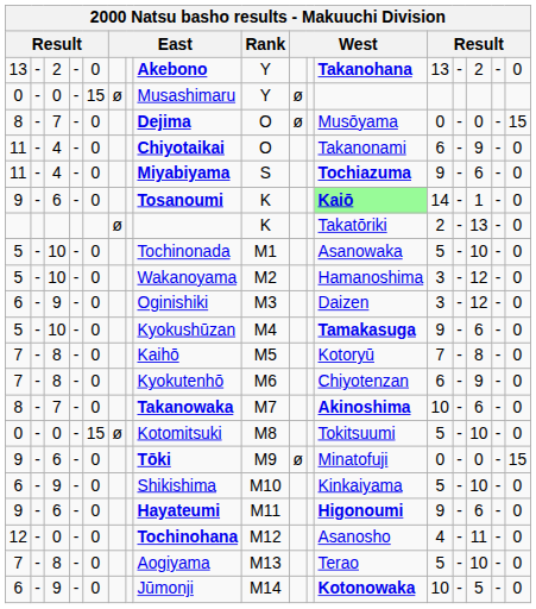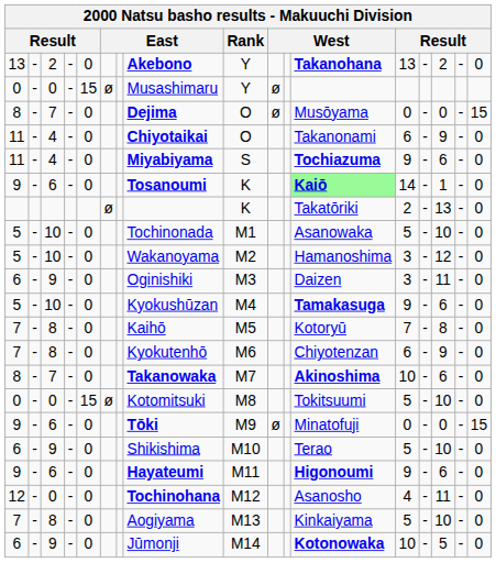 <table class="wikitable">
 <tr>
 <th colspan="17">2000 Natsu basho results - Makuuchi Division</th>
 </tr>
 <tr>
 <th colspan="5">Result</th>
 <th colspan="3">East</th>
 <th>Rank</th>
 <th colspan="3">West</th>
 <th colspan="5">Result</th>
 </tr>
 <tr>
 <td align=center>13</td>
 <td align=center>-</td>
 <td align=center>2</td>
 <td align=center>-</td>
 <td align=center>0</td>
 <td align=center></td>
 <td align=center></td>
 <td><strong><a href='#'>Akebono</a></strong></td>
 <td align=center>Y</td>
 <td align=center></td>
 <td align=center></td>
 <td><strong><a href='#'>Takanohana</a></strong></td>
 <td align=center>13</td>
 <td align=center>-</td>
 <td align=center>2</td>
 <td align=center>-</td>
 <td align=center>0</td>
 </tr>
 <tr>
 <td align=center>0</td>
 <td align=center>-</td>
 <td align=center>0</td>
 <td align=center>-</td>
 <td align=center>15</td>
 <td align=center>ø</td>
 <td align=center></td>
 <td><a href='#'>Musashimaru</a></td>
 <td align=center>Y</td>
 <td align=center>ø</td>
 <td align=center></td>
 <td></td>
 <td align=center></td>
 <td align=center></td>
 <td align=center></td>
 <td align=center></td>
 <td align=center></td>
 </tr>
 <tr>
 <td align=center>8</td>
 <td align=center>-</td>
 <td align=center>7</td>
 <td align=center>-</td>
 <td align=center>0</td>
 <td align=center></td>
 <td align=center></td>
 <td><strong><a href='#'>Dejima</a></strong></td>
 <td align=center>O</td>
 <td align=center>ø</td>
 <td align=center></td>
 <td><a href='#'>Musōyama</a></td>
 <td align=center>0</td>
 <td align=center>-</td>
 <td align=center>0</td>
 <td align=center>-</td>
 <td align=center>15</td>
 </tr>
 <tr>
 <td align=center>11</td>
 <td align=center>-</td>
 <td align=center>4</td>
 <td align=center>-</td>
 <td align=center>0</td>
 <td align=center></td>
 <td align=center></td>
 <td><strong><a href='#'>Chiyotaikai</a></strong></td>
 <td align=center>O</td>
 <td align=center></td>
 <td align=center></td>
 <td><a href='#'>Takanonami</a></td>
 <td align=center>6</td>
 <td align=center>-</td>
 <td align=center>9</td>
 <td align=center>-</td>
 <td align=center>0</td>
 </tr>
 <tr>
 <td align=center>11</td>
 <td align=center>-</td>
 <td align=center>4</td>
 <td align=center>-</td>
 <td align=center>0</td>
 <td align=center></td>
 <td align=center></td>
 <td><strong><a href='#'>Miyabiyama</a></strong></td>
 <td align=center>S</td>
 <td align=center></td>
 <td align=center></td>
 <td><strong><a href='#'>Tochiazuma</a></strong></td>
 <td align=center>9</td>
 <td align=center>-</td>
 <td align=center>6</td>
 <td align=center>-</td>
 <td align=center>0</td>
 </tr>
 <tr>
 <td align=center>9</td>
 <td align=center>-</td>
 <td align=center>6</td>
 <td align=center>-</td>
 <td align=center>0</td>
 <td align=center></td>
 <td align=center></td>
 <td><strong><a href='#'>Tosanoumi</a></strong></td>
 <td align=center>K</td>
 <td align=center></td>
 <td align=center></td>
 <td style="background: PaleGreen;"><strong><a href='#'>Kaiō</a></strong></td>
 <td align=center>14</td>
 <td align=center>-</td>
 <td align=center>1</td>
 <td align=center>-</td>
 <td align=center>0</td>
 </tr>
 <tr>
 <td align=center></td>
 <td align=center></td>
 <td align=center></td>
 <td align=center></td>
 <td align=center></td>
 <td align=center>ø</td>
 <td align=center></td>
 <td></td>
 <td align=center>K</td>
 <td align=center></td>
 <td align=center></td>
 <td><a href='#'>Takatōriki</a></td>
 <td align=center>2</td>
 <td align=center>-</td>
 <td align=center>13</td>
 <td align=center>-</td>
 <td align=center>0</td>
 </tr>
 <tr>
 <td align=center>5</td>
 <td align=center>-</td>
 <td align=center>10</td>
 <td align=center>-</td>
 <td align=center>0</td>
 <td align=center></td>
 <td align=center></td>
 <td><a href='#'>Tochinonada</a></td>
 <td align=center>M1</td>
 <td align=center></td>
 <td align=center></td>
 <td><a href='#'>Asanowaka</a></td>
 <td align=center>5</td>
 <td align=center>-</td>
 <td align=center>10</td>
 <td align=center>-</td>
 <td align=center>0</td>
 </tr>
 <tr>
 <td align=center>5</td>
 <td align=center>-</td>
 <td align=center>10</td>
 <td align=center>-</td>
 <td align=center>0</td>
 <td align=center></td>
 <td align=center></td>
 <td><a href='#'>Wakanoyama</a></td>
 <td align=center>M2</td>
 <td align=center></td>
 <td align=center></td>
 <td><a href='#'>Hamanoshima</a></td>
 <td align=center>3</td>
 <td align=center>-</td>
 <td align=center>12</td>
 <td align=center>-</td>
 <td align=center>0</td>
 </tr>
 <tr>
 <td align=center>6</td>
 <td align=center>-</td>
 <td align=center>9</td>
 <td align=center>-</td>
 <td align=center>0</td>
 <td align=center></td>
 <td align=center></td>
 <td><a href='#'>Oginishiki</a></td>
 <td align=center>M3</td>
 <td align=center></td>
 <td align=center></td>
 <td><a href='#'>Daizen</a></td>
 <td align=center>3</td>
 <td align=center>-</td>
-<td align=center>12</td>
+<td align=center>11</td>
 <td align=center>-</td>
 <td align=center>0</td>
 </tr>
 <tr>
 <td align=center>5</td>
 <td align=center>-</td>
 <td align=center>10</td>
 <td align=center>-</td>
 <td align=center>0</td>
 <td align=center></td>
 <td align=center></td>
 <td><a href='#'>Kyokushūzan</a></td>
 <td align=center>M4</td>
 <td align=center></td>
 <td align=center></td>
 <td><strong><a href='#'>Tamakasuga</a></strong></td>
 <td align=center>9</td>
 <td align=center>-</td>
 <td align=center>6</td>
 <td align=center>-</td>
 <td align=center>0</td>
 </tr>
 <tr>
 <td align=center>7</td>
 <td align=center>-</td>
 <td align=center>8</td>
 <td align=center>-</td>
 <td align=center>0</td>
 <td align=center></td>
 <td align=center></td>
 <td><a href='#'>Kaihō</a></td>
 <td align=center>M5</td>
 <td align=center></td>
 <td align=center></td>
 <td><a href='#'>Kotoryū</a></td>
 <td align=center>7</td>
 <td align=center>-</td>
 <td align=center>8</td>
 <td align=center>-</td>
 <td align=center>0</td>
 </tr>
 <tr>
 <td align=center>7</td>
 <td align=center>-</td>
 <td align=center>8</td>
 <td align=center>-</td>
 <td align=center>0</td>
 <td align=center></td>
 <td align=center></td>
 <td><a href='#'>Kyokutenhō</a></td>
 <td align=center>M6</td>
 <td align=center></td>
 <td align=center></td>
 <td><a href='#'>Chiyotenzan</a></td>
 <td align=center>6</td>
 <td align=center>-</td>
 <td align=center>9</td>
 <td align=center>-</td>
 <td align=center>0</td>
 </tr>
 <tr>
 <td align=center>8</td>
 <td align=center>-</td>
 <td align=center>7</td>
 <td align=center>-</td>
 <td align=center>0</td>
 <td align=center></td>
 <td align=center></td>
 <td><strong><a href='#'>Takanowaka</a></strong></td>
 <td align=center>M7</td>
 <td align=center></td>
 <td align=center></td>
 <td><strong><a href='#'>Akinoshima</a></strong></td>
 <td align=center>10</td>
 <td align=center>-</td>
 <td align=center>6</td>
 <td align=center>-</td>
 <td align=center>0</td>
 </tr>
 <tr>
 <td align=center>0</td>
 <td align=center>-</td>
 <td align=center>0</td>
 <td align=center>-</td>
 <td align=center>15</td>
 <td align=center>ø</td>
 <td align=center></td>
 <td><a href='#'>Kotomitsuki</a></td>
 <td align=center>M8</td>
 <td align=center></td>
 <td align=center></td>
 <td><a href='#'>Tokitsuumi</a></td>
 <td align=center>5</td>
 <td align=center>-</td>
 <td align=center>10</td>
 <td align=center>-</td>
 <td align=center>0</td>
 </tr>
 <tr>
 <td align=center>9</td>
 <td align=center>-</td>
 <td align=center>6</td>
 <td align=center>-</td>
 <td align=center>0</td>
 <td align=center></td>
 <td align=center></td>
 <td><strong><a href='#'>Tōki</a></strong></td>
 <td align=center>M9</td>
 <td align=center>ø</td>
 <td align=center></td>
 <td><a href='#'>Minatofuji</a></td>
 <td align=center>0</td>
 <td align=center>-</td>
 <td align=center>0</td>
 <td align=center>-</td>
 <td align=center>15</td>
 </tr>
 <tr>
 <td align=center>6</td>
 <td align=center>-</td>
 <td align=center>9</td>
 <td align=center>-</td>
 <td align=center>0</td>
 <td align=center></td>
 <td align=center></td>
 <td><a href='#'>Shikishima</a></td>
 <td align=center>M10</td>
 <td align=center></td>
 <td align=center></td>
-<td><a href='#'>Kinkaiyama</a></td>
+<td><a href='#'>Terao</a></td>
 <td align=center>5</td>
 <td align=center>-</td>
 <td align=center>10</td>
 <td align=center>-</td>
 <td align=center>0</td>
 </tr>
 <tr>
 <td align=center>9</td>
 <td align=center>-</td>
 <td align=center>6</td>
 <td align=center>-</td>
 <td align=center>0</td>
 <td align=center></td>
 <td align=center></td>
 <td><strong><a href='#'>Hayateumi</a></strong></td>
 <td align=center>M11</td>
 <td align=center></td>
 <td align=center></td>
 <td><strong><a href='#'>Higonoumi</a></strong></td>
 <td align=center>9</td>
 <td align=center>-</td>
 <td align=center>6</td>
 <td align=center>-</td>
 <td align=center>0</td>
 </tr>
 <tr>
 <td align=center>12</td>
 <td align=center>-</td>
 <td align=center>0</td>
 <td align=center>-</td>
 <td align=center>0</td>
 <td align=center></td>
 <td align=center></td>
 <td><strong><a href='#'>Tochinohana</a></strong></td>
 <td align=center>M12</td>
 <td align=center></td>
 <td align=center></td>
 <td><a href='#'>Asanosho</a></td>
 <td align=center>4</td>
 <td align=center>-</td>
 <td align=center>11</td>
 <td align=center>-</td>
 <td align=center>0</td>
 </tr>
 <tr>
 <td align=center>7</td>
 <td align=center>-</td>
 <td align=center>8</td>
 <td align=center>-</td>
 <td align=center>0</td>
 <td align=center></td>
 <td align=center></td>
 <td><a href='#'>Aogiyama</a></td>
 <td align=center>M13</td>
 <td align=center></td>
 <td align=center></td>
-<td><a href='#'>Terao</a></td>
+<td><a href='#'>Kinkaiyama</a></td>
 <td align=center>5</td>
 <td align=center>-</td>
 <td align=center>10</td>
 <td align=center>-</td>
 <td align=center>0</td>
 </tr>
 <tr>
 <td align=center>6</td>
 <td align=center>-</td>
 <td align=center>9</td>
 <td align=center>-</td>
 <td align=center>0</td>
 <td align=center></td>
 <td align=center></td>
 <td><a href='#'>Jūmonji</a></td>
 <td align=center>M14</td>
 <td align=center></td>
 <td align=center></td>
 <td><strong><a href='#'>Kotonowaka</a></strong></td>
 <td align=center>10</td>
 <td align=center>-</td>
 <td align=center>5</td>
 <td align=center>-</td>
 <td align=center>0</td>
 </tr>
 </table>
